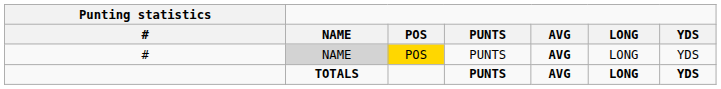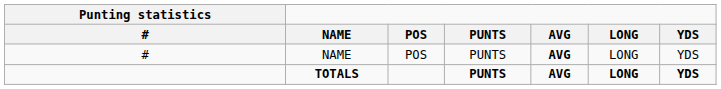 <table style="width:60%; text-align:center;" class="wikitable collapsible collapsed">
 <tr>
 <th style="text-align:center; ">Punting statistics</th>
 </tr>
 <tr>
 <th>#</th>
 <th>NAME</th>
 <th>POS</th>
 <th>PUNTS</th>
 <th>AVG</th>
 <th>LONG</th>
 <th>YDS</th>
 </tr>
 <tr>
 <td>#</td>
-<td style="background: lightgrey;">NAME</td>
-<td style="background: gold;">POS</td>
+<td>NAME</td>
+<td>POS</td>
 <td>PUNTS</td>
 <td><strong>AVG</strong></td>
 <td>LONG</td>
 <td>YDS</td>
 </tr>
 <tr>
 <td></td>
 <td><strong>TOTALS</strong></td>
 <td></td>
 <td><strong>PUNTS</strong></td>
 <td><strong>AVG</strong></td>
 <td><strong>LONG</strong></td>
 <td><strong>YDS</strong></td>
 </tr>
 </table>
